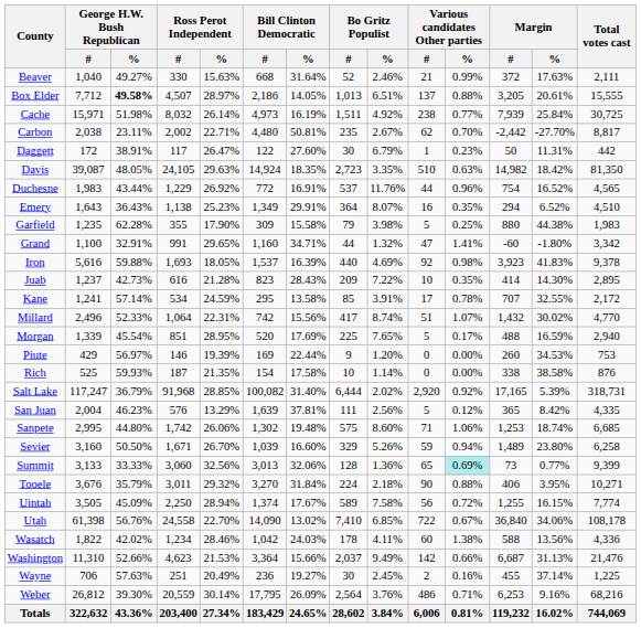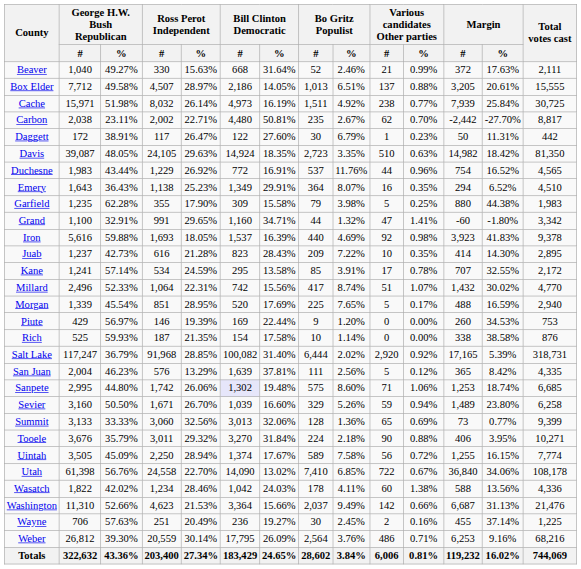 <table class="wikitable sortable" style="text-align:center">
 <tr>
 <th style="text-align:center;" rowspan="2">County</th>
 <th style="text-align:center;" colspan="2">George H.W. Bush<br>Republican</th>
 <th style="text-align:center;" colspan="2">Ross Perot<br>Independent</th>
 <th style="text-align:center;" colspan="2">Bill Clinton<br>Democratic</th>
 <th style="text-align:center;" colspan="2">Bo Gritz<br>Populist</th>
 <th style="text-align:center;" colspan="2">Various candidates<br>Other parties</th>
 <th style="text-align:center;" colspan="2">Margin</th>
 <th style="text-align:center;" rowspan="2">Total votes cast</th>
 </tr>
 <tr>
 <th style="text-align:center;" data-sort-type="number">#</th>
 <th style="text-align:center;" data-sort-type="number">%</th>
 <th style="text-align:center;" data-sort-type="number">#</th>
 <th style="text-align:center;" data-sort-type="number">%</th>
 <th style="text-align:center;" data-sort-type="number">#</th>
 <th style="text-align:center;" data-sort-type="number">%</th>
 <th style="text-align:center;" data-sort-type="number">#</th>
 <th style="text-align:center;" data-sort-type="number">%</th>
 <th style="text-align:center;" data-sort-type="number">#</th>
 <th style="text-align:center;" data-sort-type="number">%</th>
 <th style="text-align:center;" data-sort-type="number">#</th>
 <th style="text-align:center;" data-sort-type="number">%</th>
 </tr>
 <tr style="text-align:center;">
 <td><a href='#'>Beaver</a></td>
 <td>1,040</td>
 <td>49.27%</td>
 <td>330</td>
 <td>15.63%</td>
 <td>668</td>
 <td>31.64%</td>
 <td>52</td>
 <td>2.46%</td>
 <td>21</td>
 <td>0.99%</td>
 <td>372</td>
 <td>17.63%</td>
 <td>2,111</td>
 </tr>
 <tr style="text-align:center;">
 <td><a href='#'>Box Elder</a></td>
 <td>7,712</td>
-<td><strong>49.58%</strong></td>
+<td>49.58%</td>
 <td>4,507</td>
 <td>28.97%</td>
 <td>2,186</td>
 <td>14.05%</td>
 <td>1,013</td>
 <td>6.51%</td>
 <td>137</td>
 <td>0.88%</td>
 <td>3,205</td>
 <td>20.61%</td>
 <td>15,555</td>
 </tr>
 <tr style="text-align:center;">
 <td><a href='#'>Cache</a></td>
 <td>15,971</td>
 <td>51.98%</td>
 <td>8,032</td>
 <td>26.14%</td>
 <td>4,973</td>
 <td>16.19%</td>
 <td>1,511</td>
 <td>4.92%</td>
 <td>238</td>
 <td>0.77%</td>
 <td>7,939</td>
 <td>25.84%</td>
 <td>30,725</td>
 </tr>
 <tr style="text-align:center;">
 <td><a href='#'>Carbon</a></td>
 <td>2,038</td>
 <td>23.11%</td>
 <td>2,002</td>
 <td>22.71%</td>
 <td>4,480</td>
 <td>50.81%</td>
 <td>235</td>
 <td>2.67%</td>
 <td>62</td>
 <td>0.70%</td>
 <td>-2,442</td>
 <td>-27.70%</td>
 <td>8,817</td>
 </tr>
 <tr style="text-align:center;">
 <td><a href='#'>Daggett</a></td>
 <td>172</td>
 <td>38.91%</td>
 <td>117</td>
 <td>26.47%</td>
 <td>122</td>
 <td>27.60%</td>
 <td>30</td>
 <td>6.79%</td>
 <td>1</td>
 <td>0.23%</td>
 <td>50</td>
 <td>11.31%</td>
 <td>442</td>
 </tr>
 <tr style="text-align:center;">
 <td><a href='#'>Davis</a></td>
 <td>39,087</td>
 <td>48.05%</td>
 <td>24,105</td>
 <td>29.63%</td>
 <td>14,924</td>
 <td>18.35%</td>
 <td>2,723</td>
 <td>3.35%</td>
 <td>510</td>
 <td>0.63%</td>
 <td>14,982</td>
 <td>18.42%</td>
 <td>81,350</td>
 </tr>
 <tr style="text-align:center;">
 <td><a href='#'>Duchesne</a></td>
 <td>1,983</td>
 <td>43.44%</td>
 <td>1,229</td>
 <td>26.92%</td>
 <td>772</td>
 <td>16.91%</td>
 <td>537</td>
 <td>11.76%</td>
 <td>44</td>
 <td>0.96%</td>
 <td>754</td>
 <td>16.52%</td>
 <td>4,565</td>
 </tr>
 <tr style="text-align:center;">
 <td><a href='#'>Emery</a></td>
 <td>1,643</td>
 <td>36.43%</td>
 <td>1,138</td>
 <td>25.23%</td>
 <td>1,349</td>
 <td>29.91%</td>
 <td>364</td>
 <td>8.07%</td>
 <td>16</td>
 <td>0.35%</td>
 <td>294</td>
 <td>6.52%</td>
 <td>4,510</td>
 </tr>
 <tr style="text-align:center;">
 <td><a href='#'>Garfield</a></td>
 <td>1,235</td>
 <td>62.28%</td>
 <td>355</td>
 <td>17.90%</td>
 <td>309</td>
 <td>15.58%</td>
 <td>79</td>
 <td>3.98%</td>
 <td>5</td>
 <td>0.25%</td>
 <td>880</td>
 <td>44.38%</td>
 <td>1,983</td>
 </tr>
 <tr style="text-align:center;">
 <td><a href='#'>Grand</a></td>
 <td>1,100</td>
 <td>32.91%</td>
 <td>991</td>
 <td>29.65%</td>
 <td>1,160</td>
 <td>34.71%</td>
 <td>44</td>
 <td>1.32%</td>
 <td>47</td>
 <td>1.41%</td>
 <td>-60</td>
 <td>-1.80%</td>
 <td>3,342</td>
 </tr>
 <tr style="text-align:center;">
 <td><a href='#'>Iron</a></td>
 <td>5,616</td>
 <td>59.88%</td>
 <td>1,693</td>
 <td>18.05%</td>
 <td>1,537</td>
 <td>16.39%</td>
 <td>440</td>
 <td>4.69%</td>
 <td>92</td>
 <td>0.98%</td>
 <td>3,923</td>
 <td>41.83%</td>
 <td>9,378</td>
 </tr>
 <tr style="text-align:center;">
 <td><a href='#'>Juab</a></td>
 <td>1,237</td>
 <td>42.73%</td>
 <td>616</td>
 <td>21.28%</td>
 <td>823</td>
 <td>28.43%</td>
 <td>209</td>
 <td>7.22%</td>
 <td>10</td>
 <td>0.35%</td>
 <td>414</td>
 <td>14.30%</td>
 <td>2,895</td>
 </tr>
 <tr style="text-align:center;">
 <td><a href='#'>Kane</a></td>
 <td>1,241</td>
 <td>57.14%</td>
 <td>534</td>
 <td>24.59%</td>
 <td>295</td>
 <td>13.58%</td>
 <td>85</td>
 <td>3.91%</td>
 <td>17</td>
 <td>0.78%</td>
 <td>707</td>
 <td>32.55%</td>
 <td>2,172</td>
 </tr>
 <tr style="text-align:center;">
 <td><a href='#'>Millard</a></td>
 <td>2,496</td>
 <td>52.33%</td>
 <td>1,064</td>
 <td>22.31%</td>
 <td>742</td>
 <td>15.56%</td>
 <td>417</td>
 <td>8.74%</td>
 <td>51</td>
 <td>1.07%</td>
 <td>1,432</td>
 <td>30.02%</td>
 <td>4,770</td>
 </tr>
 <tr style="text-align:center;">
 <td><a href='#'>Morgan</a></td>
 <td>1,339</td>
 <td>45.54%</td>
 <td>851</td>
 <td>28.95%</td>
 <td>520</td>
 <td>17.69%</td>
 <td>225</td>
 <td>7.65%</td>
 <td>5</td>
 <td>0.17%</td>
 <td>488</td>
 <td>16.59%</td>
 <td>2,940</td>
 </tr>
 <tr style="text-align:center;">
 <td><a href='#'>Piute</a></td>
 <td>429</td>
 <td>56.97%</td>
 <td>146</td>
 <td>19.39%</td>
 <td>169</td>
 <td>22.44%</td>
 <td>9</td>
 <td>1.20%</td>
 <td>0</td>
 <td>0.00%</td>
 <td>260</td>
 <td>34.53%</td>
 <td>753</td>
 </tr>
 <tr style="text-align:center;">
 <td><a href='#'>Rich</a></td>
 <td>525</td>
 <td>59.93%</td>
 <td>187</td>
 <td>21.35%</td>
 <td>154</td>
 <td>17.58%</td>
 <td>10</td>
 <td>1.14%</td>
 <td>0</td>
 <td>0.00%</td>
 <td>338</td>
 <td>38.58%</td>
 <td>876</td>
 </tr>
 <tr style="text-align:center;">
 <td><a href='#'>Salt Lake</a></td>
 <td>117,247</td>
 <td>36.79%</td>
 <td>91,968</td>
 <td>28.85%</td>
 <td>100,082</td>
 <td>31.40%</td>
 <td>6,444</td>
 <td>2.02%</td>
 <td>2,920</td>
 <td>0.92%</td>
 <td>17,165</td>
 <td>5.39%</td>
 <td>318,731</td>
 </tr>
 <tr style="text-align:center;">
 <td><a href='#'>San Juan</a></td>
 <td>2,004</td>
 <td>46.23%</td>
 <td>576</td>
 <td>13.29%</td>
 <td>1,639</td>
 <td>37.81%</td>
 <td>111</td>
 <td>2.56%</td>
 <td>5</td>
 <td>0.12%</td>
 <td>365</td>
 <td>8.42%</td>
 <td>4,335</td>
 </tr>
 <tr style="text-align:center;">
 <td><a href='#'>Sanpete</a></td>
 <td>2,995</td>
 <td>44.80%</td>
 <td>1,742</td>
 <td>26.06%</td>
-<td>1,302</td>
+<td style="background: lavender;">1,302</td>
 <td>19.48%</td>
 <td>575</td>
 <td>8.60%</td>
 <td>71</td>
 <td>1.06%</td>
 <td>1,253</td>
 <td>18.74%</td>
 <td>6,685</td>
 </tr>
 <tr style="text-align:center;">
 <td><a href='#'>Sevier</a></td>
 <td>3,160</td>
 <td>50.50%</td>
 <td>1,671</td>
 <td>26.70%</td>
 <td>1,039</td>
 <td>16.60%</td>
 <td>329</td>
 <td>5.26%</td>
 <td>59</td>
 <td>0.94%</td>
 <td>1,489</td>
 <td>23.80%</td>
 <td>6,258</td>
 </tr>
 <tr style="text-align:center;">
 <td><a href='#'>Summit</a></td>
 <td>3,133</td>
 <td>33.33%</td>
 <td>3,060</td>
 <td>32.56%</td>
 <td>3,013</td>
 <td>32.06%</td>
 <td>128</td>
 <td>1.36%</td>
 <td>65</td>
-<td style="background: paleturquoise;">0.69%</td>
+<td>0.69%</td>
 <td>73</td>
 <td>0.77%</td>
 <td>9,399</td>
 </tr>
 <tr style="text-align:center;">
 <td><a href='#'>Tooele</a></td>
 <td>3,676</td>
 <td>35.79%</td>
 <td>3,011</td>
 <td>29.32%</td>
 <td>3,270</td>
 <td>31.84%</td>
 <td>224</td>
 <td>2.18%</td>
 <td>90</td>
 <td>0.88%</td>
 <td>406</td>
 <td>3.95%</td>
 <td>10,271</td>
 </tr>
 <tr style="text-align:center;">
 <td><a href='#'>Uintah</a></td>
 <td>3,505</td>
 <td>45.09%</td>
 <td>2,250</td>
 <td>28.94%</td>
 <td>1,374</td>
 <td>17.67%</td>
 <td>589</td>
 <td>7.58%</td>
 <td>56</td>
 <td>0.72%</td>
 <td>1,255</td>
 <td>16.15%</td>
 <td>7,774</td>
 </tr>
 <tr style="text-align:center;">
 <td><a href='#'>Utah</a></td>
 <td>61,398</td>
 <td>56.76%</td>
 <td>24,558</td>
 <td>22.70%</td>
 <td>14,090</td>
 <td>13.02%</td>
 <td>7,410</td>
 <td>6.85%</td>
 <td>722</td>
 <td>0.67%</td>
 <td>36,840</td>
 <td>34.06%</td>
 <td>108,178</td>
 </tr>
 <tr style="text-align:center;">
 <td><a href='#'>Wasatch</a></td>
 <td>1,822</td>
 <td>42.02%</td>
 <td>1,234</td>
 <td>28.46%</td>
 <td>1,042</td>
 <td>24.03%</td>
 <td>178</td>
 <td>4.11%</td>
 <td>60</td>
 <td>1.38%</td>
 <td>588</td>
 <td>13.56%</td>
 <td>4,336</td>
 </tr>
 <tr style="text-align:center;">
 <td><a href='#'>Washington</a></td>
 <td>11,310</td>
 <td>52.66%</td>
 <td>4,623</td>
 <td>21.53%</td>
 <td>3,364</td>
 <td>15.66%</td>
 <td>2,037</td>
 <td>9.49%</td>
 <td>142</td>
 <td>0.66%</td>
 <td>6,687</td>
 <td>31.13%</td>
 <td>21,476</td>
 </tr>
 <tr style="text-align:center;">
 <td><a href='#'>Wayne</a></td>
 <td>706</td>
 <td>57.63%</td>
 <td>251</td>
 <td>20.49%</td>
 <td>236</td>
 <td>19.27%</td>
 <td>30</td>
 <td>2.45%</td>
 <td>2</td>
 <td>0.16%</td>
 <td>455</td>
 <td>37.14%</td>
 <td>1,225</td>
 </tr>
 <tr style="text-align:center;">
 <td><a href='#'>Weber</a></td>
 <td>26,812</td>
 <td>39.30%</td>
 <td>20,559</td>
 <td>30.14%</td>
 <td>17,795</td>
 <td>26.09%</td>
 <td>2,564</td>
 <td>3.76%</td>
 <td>486</td>
 <td>0.71%</td>
 <td>6,253</td>
 <td>9.16%</td>
 <td>68,216</td>
 </tr>
 <tr style="text-align:center;">
 <th>Totals</th>
 <th>322,632</th>
 <th>43.36%</th>
 <th>203,400</th>
 <th>27.34%</th>
 <th>183,429</th>
 <th>24.65%</th>
 <th>28,602</th>
 <th>3.84%</th>
 <th>6,006</th>
 <th>0.81%</th>
 <th>119,232</th>
 <th>16.02%</th>
 <th>744,069</th>
 </tr>
 </table>
